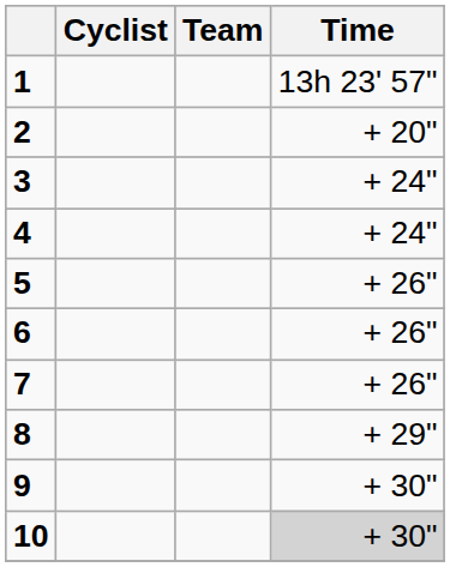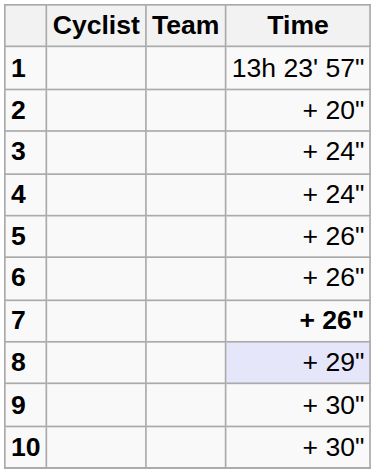 <table class="wikitable">
 <tr>
 <th></th>
 <th>Cyclist</th>
 <th>Team</th>
 <th>Time</th>
 </tr>
 <tr>
 <td><strong>1</strong></td>
 <td>  </td>
 <td></td>
 <td align=right>13h 23' 57"</td>
 </tr>
 <tr>
 <td><strong>2</strong></td>
 <td></td>
 <td></td>
 <td align=right>+ 20"</td>
 </tr>
 <tr>
 <td><strong>3</strong></td>
 <td></td>
 <td></td>
 <td align=right>+ 24"</td>
 </tr>
 <tr>
 <td><strong>4</strong></td>
 <td></td>
 <td></td>
 <td align=right>+ 24"</td>
 </tr>
 <tr>
 <td><strong>5</strong></td>
 <td></td>
 <td></td>
 <td align=right>+ 26"</td>
 </tr>
 <tr>
 <td><strong>6</strong></td>
 <td> </td>
 <td></td>
 <td align=right>+ 26"</td>
 </tr>
 <tr>
 <td><strong>7</strong></td>
 <td></td>
 <td></td>
-<td align=right>+ 26"</td>
+<td align=right><strong>+ 26"</strong></td>
 </tr>
 <tr>
 <td><strong>8</strong></td>
 <td></td>
 <td></td>
-<td align=right>+ 29"</td>
+<td align=right style="background: lavender;">+ 29"</td>
 </tr>
 <tr>
 <td><strong>9</strong></td>
 <td></td>
 <td></td>
 <td align=right>+ 30"</td>
 </tr>
 <tr>
 <td><strong>10</strong></td>
 <td></td>
 <td></td>
-<td align=right style="background: lightgrey;">+ 30"</td>
+<td align=right>+ 30"</td>
 </tr>
 <tr>
 </tr>
 </table>
